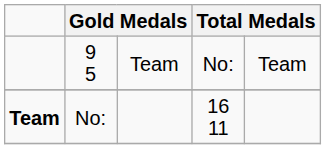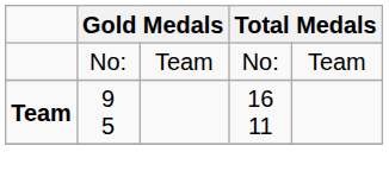 <table class="wikitable" style="text-align: center; font-size:95%;">
 <tr>
 <td></td>
 <th colspan=2>Gold Medals</th>
 <th colspan=2>Total Medals</th>
 </tr>
 <tr>
 <td></td>
-<td>9 <br> 5</td>
+<td>No:</td>
 <td>Team</td>
 <td>No:</td>
 <td>Team</td>
 </tr>
 <tr>
 </tr>
 <tr>
 <td><strong>Team</strong></td>
-<td>No:</td>
+<td>9 <br> 5</td>
 <td align="left"> <br> </td>
 <td>16 <br> 11</td>
 <td align="left"> <br> </td>
 </tr>
 <tr>
 </tr>
 </table>
